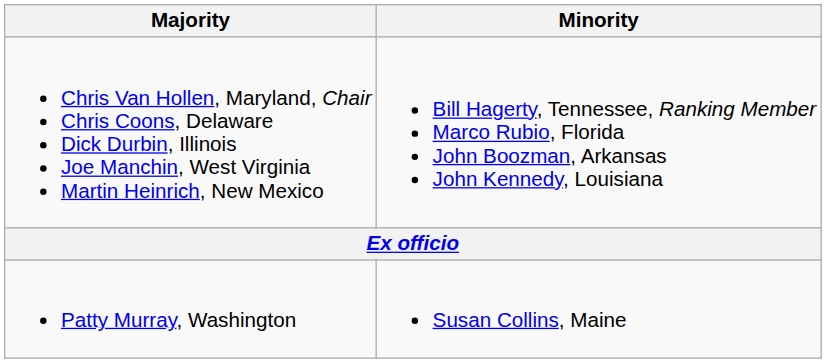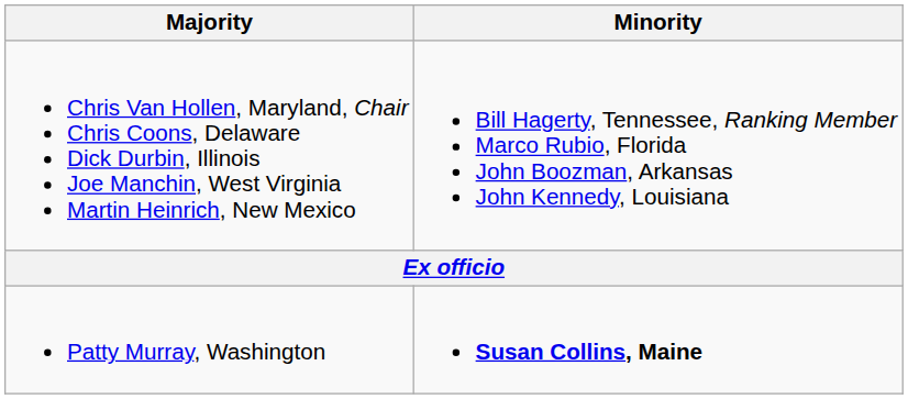 <table class=wikitable>
 <tr>
 <th>Majority</th>
 <th>Minority</th>
 </tr>
 <tr>
 <td><br><ul><li><a href='#'>Chris Van Hollen</a>, Maryland, <em>Chair</em></li><li><a href='#'>Chris Coons</a>, Delaware</li><li><a href='#'>Dick Durbin</a>, Illinois</li><li><a href='#'>Joe Manchin</a>, West Virginia</li><li><a href='#'>Martin Heinrich</a>, New Mexico</li></ul></td>
 <td><br><ul><li><a href='#'>Bill Hagerty</a>, Tennessee, <em>Ranking Member</em></li><li><a href='#'>Marco Rubio</a>, Florida</li><li><a href='#'>John Boozman</a>, Arkansas</li><li><a href='#'>John Kennedy</a>, Louisiana</li></ul></td>
 </tr>
 <tr>
 <th colspan=2 align=center><em><a href='#'>Ex officio</a></em></th>
 </tr>
 <tr>
 <td><br><ul><li><a href='#'>Patty Murray</a>, Washington</li></ul></td>
-<td><br><ul><li><a href='#'>Susan Collins</a>, Maine</li></ul></td>
+<td><strong><br><ul><li><a href='#'>Susan Collins</a>, Maine</li></ul></strong></td>
 </tr>
 </table>
